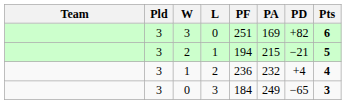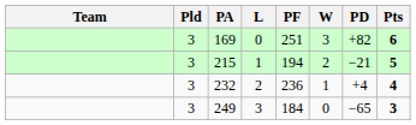 <table class=wikitable style="text-align:center">
 <tr>
 <th width=180>Team</th>
 <th width=30>Pld</th>
-<th width=30>W</th>
+<th width=30>PA</th>
 <th width=30>L</th>
 <th width=30>PF</th>
-<th width=30>PA</th>
+<th width=30>W</th>
 <th width=30>PD</th>
 <th width=30>Pts</th>
 </tr>
 <tr align=center bgcolor="#ccffcc">
 <td align=left></td>
 <td>3</td>
-<td>3</td>
+<td>169</td>
 <td>0</td>
 <td>251</td>
-<td>169</td>
+<td>3</td>
 <td>+82</td>
 <td><strong>6</strong></td>
 </tr>
 <tr align=center bgcolor="#ccffcc">
 <td align=left></td>
 <td>3</td>
-<td>2</td>
+<td>215</td>
 <td>1</td>
 <td>194</td>
-<td>215</td>
+<td>2</td>
 <td>−21</td>
 <td><strong>5</strong></td>
 </tr>
 <tr align=center>
 <td align=left></td>
 <td>3</td>
-<td>1</td>
+<td>232</td>
 <td>2</td>
 <td>236</td>
-<td>232</td>
+<td>1</td>
 <td>+4</td>
 <td><strong>4</strong></td>
 </tr>
 <tr align=center>
 <td align=left></td>
 <td>3</td>
-<td>0</td>
+<td>249</td>
 <td>3</td>
 <td>184</td>
-<td>249</td>
+<td>0</td>
 <td>−65</td>
 <td><strong>3</strong></td>
 </tr>
 </table>
